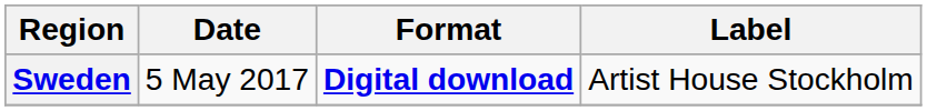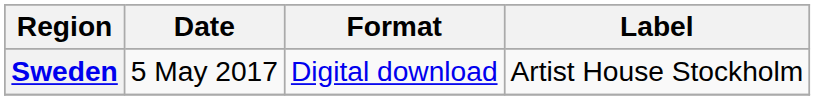 <table class="wikitable sortable plainrowheaders">
 <tr>
 <th scope="col">Region</th>
 <th scope="col">Date</th>
 <th scope="col">Format</th>
 <th scope="col">Label</th>
 </tr>
 <tr>
 <th scope="row"><a href='#'>Sweden</a></th>
 <td>5 May 2017</td>
-<td><strong><a href='#'>Digital download</a></strong></td>
+<td><a href='#'>Digital download</a></td>
 <td>Artist House Stockholm</td>
 </tr>
 <tr>
 </tr>
 </table>
